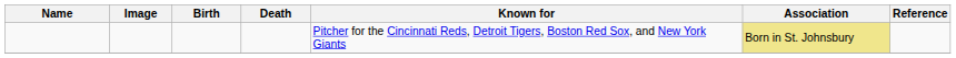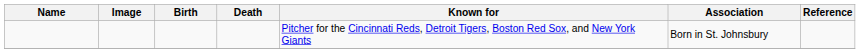 <table class="wikitable sortable">
 <tr>
 <th scope="col" width="140">Name</th>
 <th scope="col" width="80" class="unsortable">Image</th>
 <th scope="col" width="90">Birth</th>
 <th scope="col" width="90">Death</th>
 <th scope="col" width="600" class="unsortable">Known for</th>
 <th scope="col" width="200" class="unsortable">Association</th>
 <th scope="col" width="30" class="unsortable">Reference</th>
 </tr>
 <tr>
 <td></td>
 <td></td>
 <td align=right></td>
 <td align=right></td>
 <td><a href='#'>Pitcher</a> for the <a href='#'>Cincinnati Reds</a>, <a href='#'>Detroit Tigers</a>, <a href='#'>Boston Red Sox</a>, and  <a href='#'>New York Giants</a></td>
-<td style="background: khaki;">Born in St. Johnsbury</td>
+<td>Born in St. Johnsbury</td>
 <td align="center"></td>
 </tr>
 <tr>
 </tr>
 </table>
